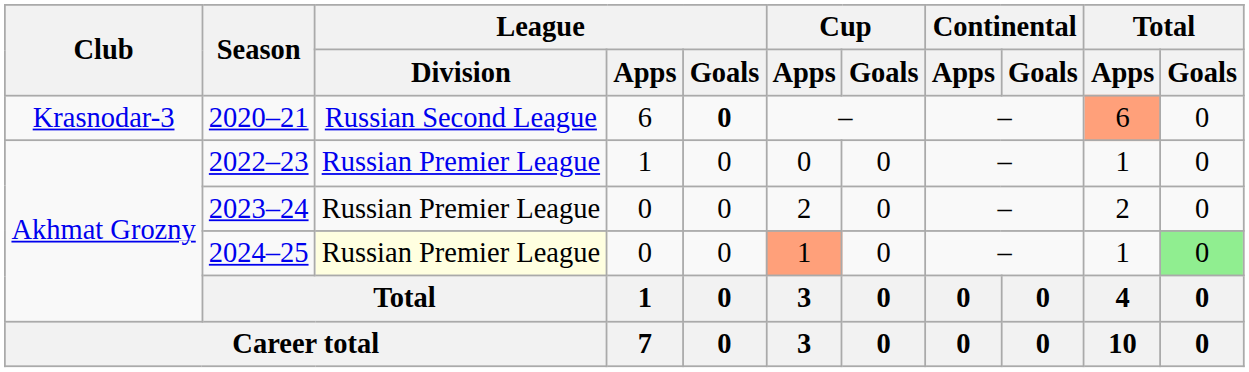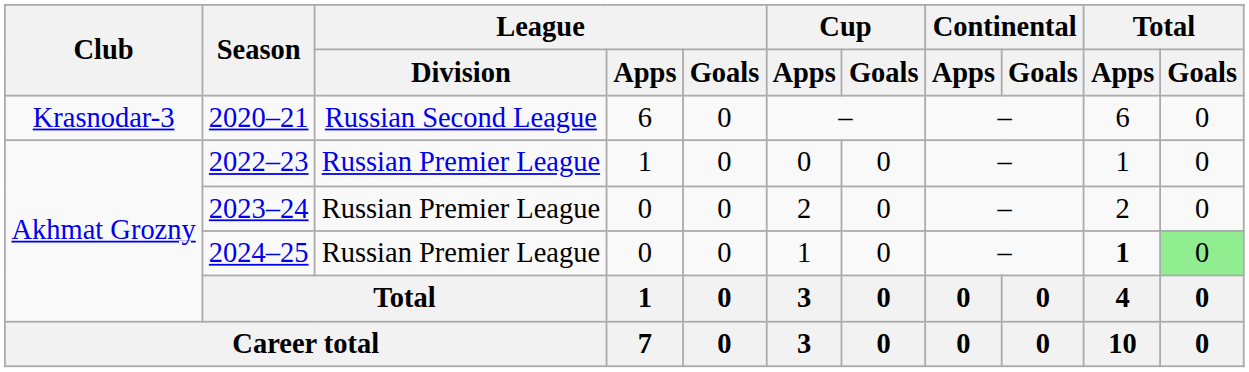 <table class="wikitable" style="text-align: center;">
 <tr>
 <th rowspan=2>Club</th>
 <th rowspan=2>Season</th>
 <th colspan=3>League</th>
 <th colspan=2>Cup</th>
 <th colspan=2>Continental</th>
 <th colspan=2>Total</th>
 </tr>
 <tr>
 <th>Division</th>
 <th>Apps</th>
 <th>Goals</th>
 <th>Apps</th>
 <th>Goals</th>
 <th>Apps</th>
 <th>Goals</th>
 <th>Apps</th>
 <th>Goals</th>
 </tr>
 <tr>
 <td><a href='#'>Krasnodar-3</a></td>
 <td><a href='#'>2020–21</a></td>
 <td><a href='#'>Russian Second League</a></td>
 <td>6</td>
-<td><strong>0</strong></td>
+<td>0</td>
 <td colspan=2>–</td>
 <td colspan=2>–</td>
-<td style="background: lightsalmon;">6</td>
+<td>6</td>
 <td>0</td>
 </tr>
 <tr>
 <td rowspan="4"><a href='#'>Akhmat Grozny</a></td>
 <td><a href='#'>2022–23</a></td>
 <td><a href='#'>Russian Premier League</a></td>
 <td>1</td>
 <td>0</td>
 <td>0</td>
 <td>0</td>
 <td colspan=2>–</td>
 <td>1</td>
 <td>0</td>
 </tr>
 <tr>
 <td><a href='#'>2023–24</a></td>
 <td>Russian Premier League</td>
 <td>0</td>
 <td>0</td>
 <td>2</td>
 <td>0</td>
 <td colspan=2>–</td>
 <td>2</td>
 <td>0</td>
 </tr>
 <tr>
 <td><a href='#'>2024–25</a></td>
-<td style="background: lightyellow;">Russian Premier League</td>
+<td>Russian Premier League</td>
 <td>0</td>
 <td>0</td>
-<td style="background: lightsalmon;">1</td>
+<td>1</td>
 <td>0</td>
 <td colspan=2>–</td>
-<td>1</td>
+<td><strong>1</strong></td>
 <td style="background: lightgreen;">0</td>
 </tr>
 <tr>
 <th colspan=2>Total</th>
 <th>1</th>
 <th>0</th>
 <th>3</th>
 <th>0</th>
 <th>0</th>
 <th>0</th>
 <th>4</th>
 <th>0</th>
 </tr>
 <tr>
 <th colspan=3>Career total</th>
 <th>7</th>
 <th>0</th>
 <th>3</th>
 <th>0</th>
 <th>0</th>
 <th>0</th>
 <th>10</th>
 <th>0</th>
 </tr>
 </table>
